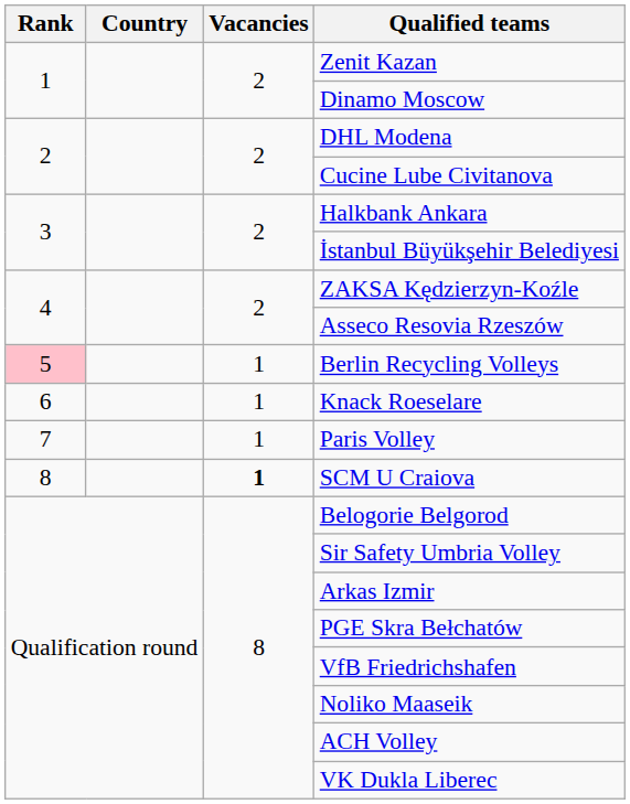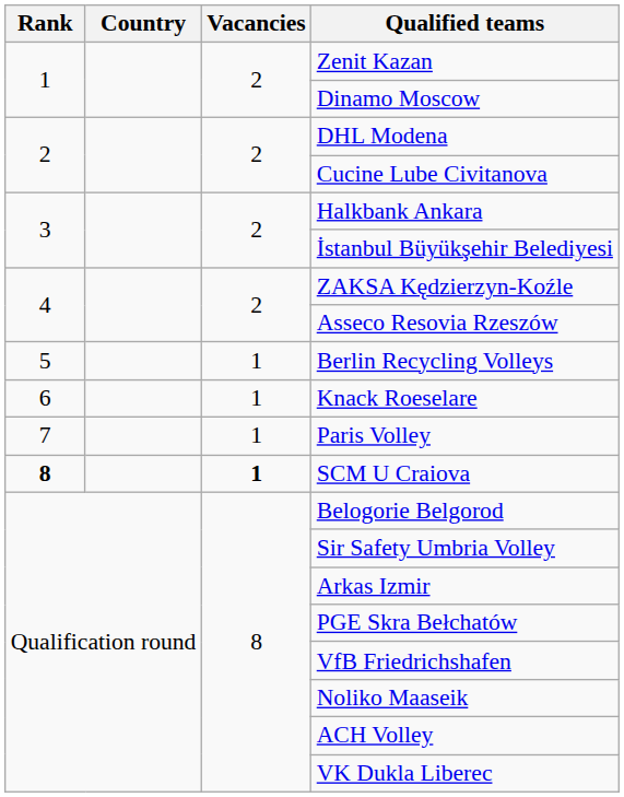 <table class="wikitable" style="text-align:left">
 <tr>
 <th>Rank</th>
 <th>Country</th>
 <th>Vacancies</th>
 <th>Qualified teams</th>
 </tr>
 <tr>
 <td align="center" rowspan="2">1</td>
 <td rowspan="2"></td>
 <td align="center" rowspan="2">2</td>
 <td><a href='#'>Zenit Kazan</a></td>
 </tr>
 <tr>
 <td><a href='#'>Dinamo Moscow</a></td>
 </tr>
 <tr>
 <td align="center" rowspan="2">2</td>
 <td rowspan="2"></td>
 <td align="center" rowspan="2">2</td>
 <td><a href='#'>DHL Modena</a></td>
 </tr>
 <tr>
 <td><a href='#'>Cucine Lube Civitanova</a></td>
 </tr>
 <tr>
 <td align="center" rowspan="2">3</td>
 <td rowspan="2"></td>
 <td align="center" rowspan="2">2</td>
 <td><a href='#'>Halkbank Ankara</a></td>
 </tr>
 <tr>
 <td><a href='#'>İstanbul Büyükşehir Belediyesi</a></td>
 </tr>
 <tr>
 <td align="center" rowspan="2">4</td>
 <td rowspan="2"></td>
 <td align="center" rowspan="2">2</td>
 <td><a href='#'>ZAKSA Kędzierzyn-Koźle</a></td>
 </tr>
 <tr>
 <td><a href='#'>Asseco Resovia Rzeszów</a></td>
 </tr>
 <tr>
-<td align="center" style="background: pink;">5</td>
+<td align="center">5</td>
 <td></td>
 <td align="center">1</td>
 <td><a href='#'>Berlin Recycling Volleys</a></td>
 </tr>
 <tr>
 <td align="center">6</td>
 <td></td>
 <td align="center">1</td>
 <td><a href='#'>Knack Roeselare</a></td>
 </tr>
 <tr>
 <td align="center">7</td>
 <td></td>
 <td align="center">1</td>
 <td><a href='#'>Paris Volley</a></td>
 </tr>
 <tr>
-<td align="center">8</td>
+<td align="center"><strong>8</strong></td>
 <td></td>
 <td align="center"><strong>1</strong></td>
 <td><a href='#'>SCM U Craiova</a></td>
 </tr>
 <tr>
 <td colspan="2" rowspan="8">Qualification round</td>
 <td align="center" rowspan="8">8</td>
 <td><a href='#'>Belogorie Belgorod</a></td>
 </tr>
 <tr>
 <td><a href='#'>Sir Safety Umbria Volley</a></td>
 </tr>
 <tr>
 <td><a href='#'>Arkas Izmir</a></td>
 </tr>
 <tr>
 <td><a href='#'>PGE Skra Bełchatów</a></td>
 </tr>
 <tr>
 <td><a href='#'>VfB Friedrichshafen</a></td>
 </tr>
 <tr>
 <td><a href='#'>Noliko Maaseik</a></td>
 </tr>
 <tr>
 <td><a href='#'>ACH Volley</a></td>
 </tr>
 <tr>
 <td><a href='#'>VK Dukla Liberec</a></td>
 </tr>
 </table>
